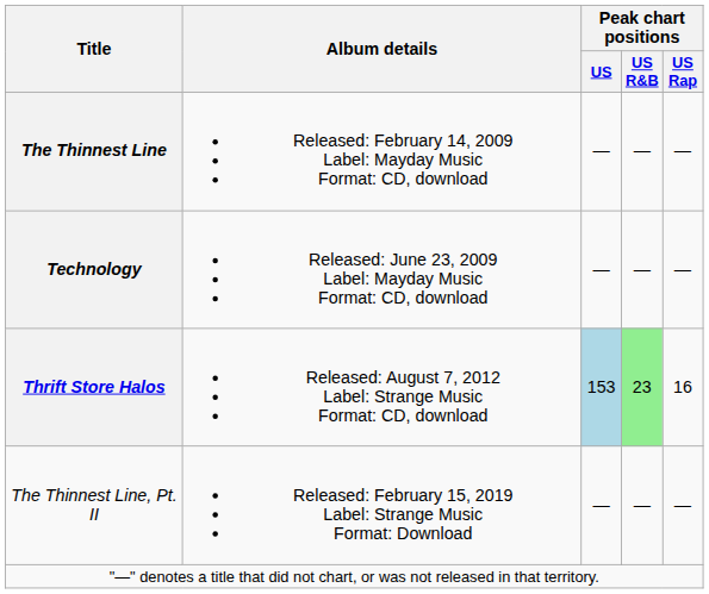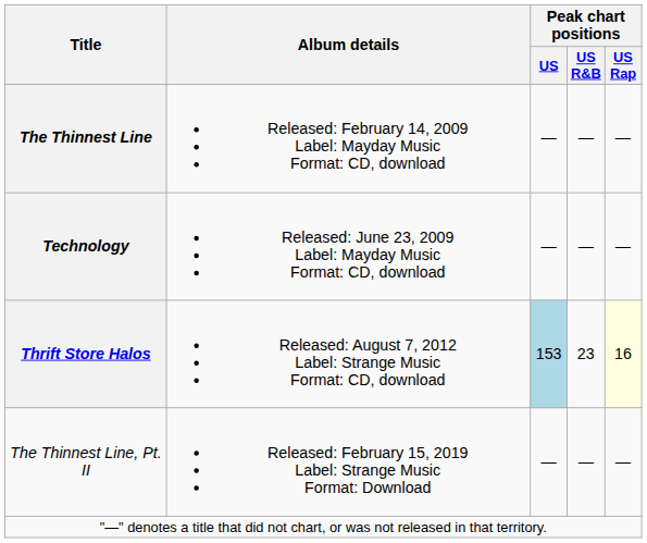 <table class="wikitable plainrowheaders" style="text-align:center;">
 <tr>
 <th scope="col" rowspan="2" style="width:10em;">Title</th>
 <th scope="col" rowspan="2" style="width:23em;">Album details</th>
 <th scope="col" colspan="4">Peak chart positions</th>
 </tr>
 <tr>
 <th scope="col" style="width:2.2em;font-size:90%;"><a href='#'>US</a><br></th>
 <th scope="col" style="width:2.2em;font-size:90%;"><a href='#'>US R&B</a><br></th>
 <th scope="col" style="width:2.2em;font-size:90%;"><a href='#'>US Rap</a><br></th>
 </tr>
 <tr>
 <th scope="row"><em>The Thinnest Line</em></th>
 <td><br><ul><li>Released: February 14, 2009</li><li>Label: Mayday Music</li><li>Format: CD, download</li></ul></td>
 <td>—</td>
 <td>—</td>
 <td>—</td>
 </tr>
 <tr>
 <th scope="row"><em>Technology</em></th>
 <td><br><ul><li>Released: June 23, 2009</li><li>Label: Mayday Music</li><li>Format: CD, download</li></ul></td>
 <td>—</td>
 <td>—</td>
 <td>—</td>
 </tr>
 <tr>
 <th scope="row"><em><a href='#'>Thrift Store Halos</a></em></th>
 <td><br><ul><li>Released: August 7, 2012</li><li>Label: Strange Music</li><li>Format: CD, download</li></ul></td>
 <td style="background: lightblue;">153</td>
-<td style="background: lightgreen;">23</td>
-<td>16</td>
+<td>23</td>
+<td style="background: lightyellow;">16</td>
 </tr>
 <tr>
 <td scope="row"><em>The Thinnest Line, Pt. II</em></td>
 <td><br><ul><li>Released: February 15, 2019</li><li>Label: Strange Music</li><li>Format: Download</li></ul></td>
 <td>—</td>
 <td>—</td>
 <td>—</td>
 </tr>
 <tr>
 <td colspan="14" style="font-size:90%">"—" denotes a title that did not chart, or was not released in that territory.</td>
 </tr>
 </table>
